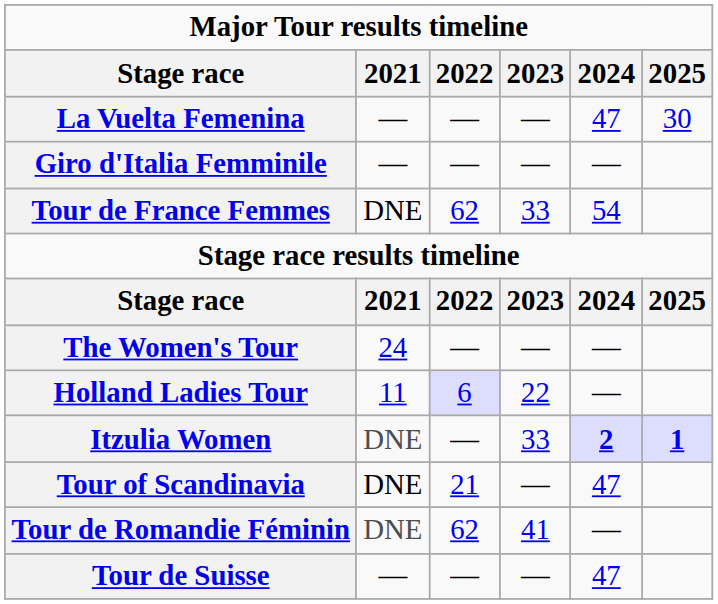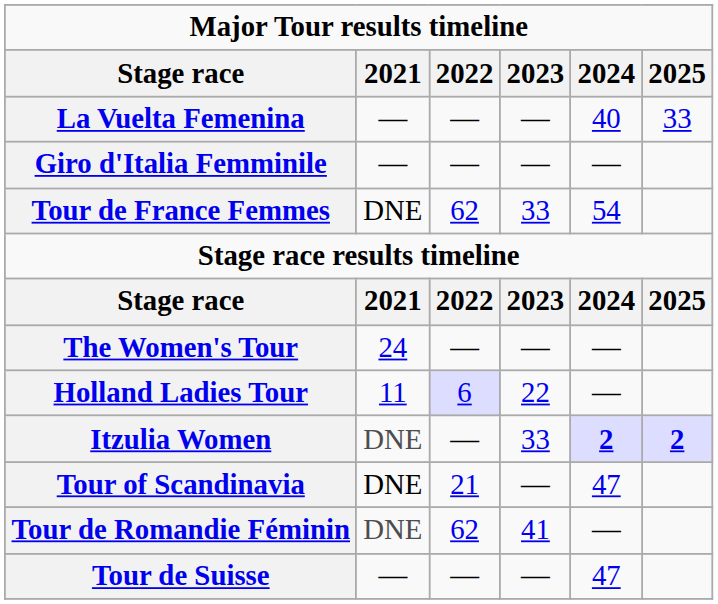 <table class="wikitable plainrowheaders">
 <tr>
 <td colspan="13" align="center"><strong>Major Tour results timeline</strong></td>
 </tr>
 <tr style="background:#EEEEEE;">
 <th>Stage race</th>
 <th>2021</th>
 <th>2022</th>
 <th>2023</th>
 <th>2024</th>
 <th>2025</th>
 </tr>
 <tr style="text-align:center">
 <th scope="row"><a href='#'>La Vuelta Femenina</a></th>
 <td>—</td>
 <td>—</td>
 <td>—</td>
-<td><a href='#'>47</a></td>
-<td><a href='#'>30</a></td>
+<td><a href='#'>40</a></td>
+<td><a href='#'>33</a></td>
 </tr>
 <tr style="text-align:center">
 <th scope="row"><a href='#'>Giro d'Italia Femminile</a></th>
 <td>—</td>
 <td>—</td>
 <td>—</td>
 <td>—</td>
 <td></td>
 </tr>
 <tr style="text-align:center">
 <th scope="row"><a href='#'>Tour de France Femmes</a></th>
 <td align="center">DNE</td>
 <td><a href='#'>62</a></td>
 <td><a href='#'>33</a></td>
 <td><a href='#'>54</a></td>
 <td></td>
 </tr>
 <tr>
 <td colspan="13" align="center"><strong>Stage race results timeline</strong></td>
 </tr>
 <tr style="background:#EEEEEE;">
 <th>Stage race</th>
 <th>2021</th>
 <th>2022</th>
 <th>2023</th>
 <th>2024</th>
 <th>2025</th>
 </tr>
 <tr style="text-align:center;">
 <th scope="row"><a href='#'>The Women's Tour</a></th>
 <td><a href='#'>24</a></td>
 <td>—</td>
 <td>—</td>
 <td>—</td>
 <td></td>
 </tr>
 <tr style="text-align:center;">
 <th scope="row"><a href='#'>Holland Ladies Tour</a></th>
 <td><a href='#'>11</a></td>
 <td style="background:#ddf;"><a href='#'>6</a></td>
 <td><a href='#'>22</a></td>
 <td>—</td>
 <td></td>
 </tr>
 <tr style="text-align:center;">
 <th scope="row"><a href='#'>Itzulia Women</a></th>
 <td style="color:#4d4d4d;">DNE</td>
 <td>—</td>
 <td><a href='#'>33</a></td>
 <th style="background:#ddf;"><a href='#'>2</a></th>
-<th style="background:#ddf;"><a href='#'>1</a></th>
+<th style="background:#ddf;"><a href='#'>2</a></th>
 </tr>
 <tr style="text-align:center;">
 <th scope="row"><a href='#'>Tour of Scandinavia</a></th>
 <td align="center">DNE</td>
 <td><a href='#'>21</a></td>
 <td>—</td>
 <td><a href='#'>47</a></td>
 <td></td>
 </tr>
 <tr style="text-align:center;">
 <th scope="row"><a href='#'>Tour de Romandie Féminin</a></th>
 <td style="color:#4d4d4d;">DNE</td>
 <td><a href='#'>62</a></td>
 <td><a href='#'>41</a></td>
 <td>—</td>
 <td></td>
 </tr>
 <tr style="text-align:center;">
 <th scope="row"><a href='#'>Tour de Suisse</a></th>
 <td>—</td>
 <td>—</td>
 <td>—</td>
 <td><a href='#'>47</a></td>
 <td></td>
 </tr>
 </table>
